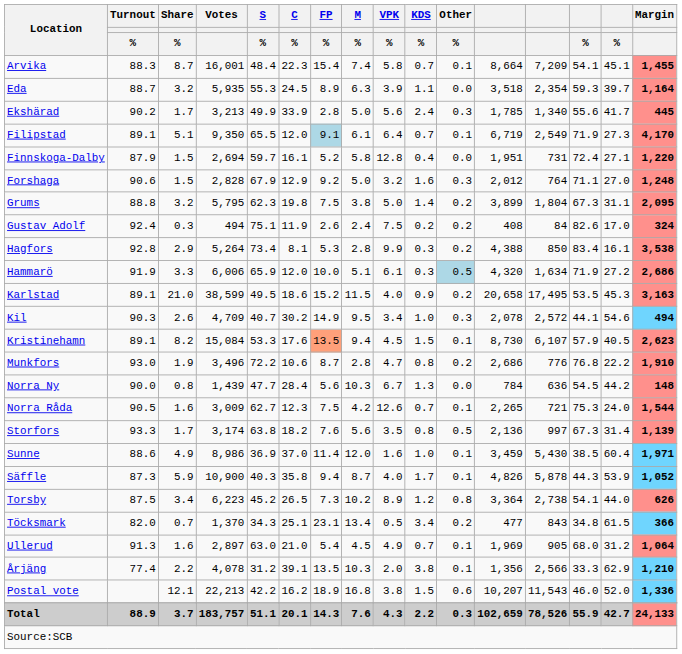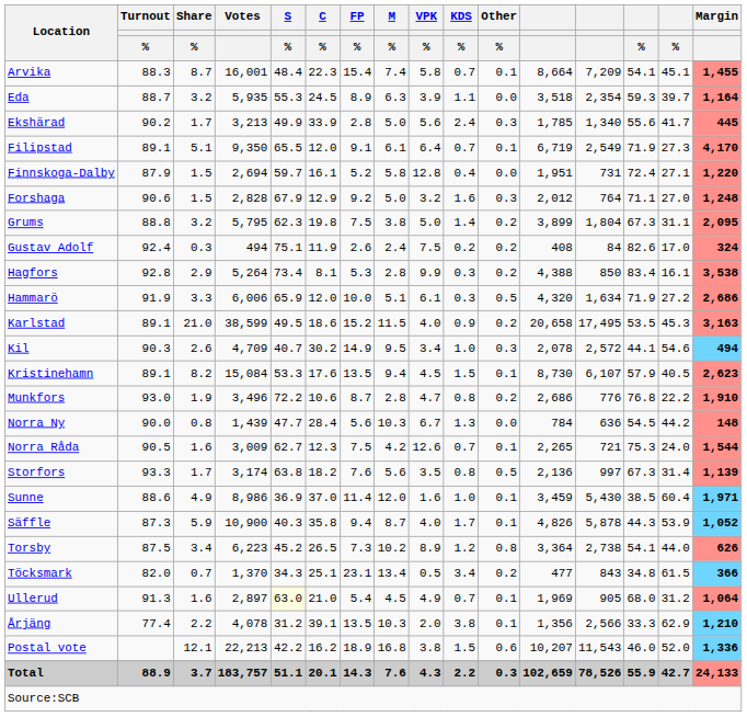 <table class="wikitable sortable" style="text-align:right; font-size:95%; line-height:20px;">
 <tr>
 <th rowspan="3">Location</th>
 <th>Turnout</th>
 <th>Share</th>
 <th>Votes</th>
 <th width="30px" class="unsortable"><a href='#'>S</a></th>
 <th width="30px" class="unsortable"><a href='#'>C</a></th>
 <th width="30px" class="unsortable"><a href='#'>FP</a></th>
 <th width="30px" class="unsortable"><a href='#'>M</a></th>
 <th width="30px" class="unsortable"><a href='#'>VPK</a></th>
 <th width="30px" class="unsortable"><a href='#'>KDS</a></th>
 <th width="30px" class="unsortable">Other</th>
 <th></th>
 <th></th>
 <th></th>
 <th></th>
 <th>Margin</th>
 </tr>
 <tr>
 <th></th>
 <th></th>
 <th></th>
 <th style="background:"></th>
 <th style="background:"></th>
 <th style="background:"></th>
 <th style="background:"></th>
 <th style="background:"></th>
 <th style="background:"></th>
 <th style="background:"></th>
 <th style="background:"></th>
 <th style="background:"></th>
 <th style="background:"></th>
 <th style="background:"></th>
 <th></th>
 </tr>
 <tr>
 <th data-sort-type="number">%</th>
 <th data-sort-type="number">%</th>
 <th></th>
 <th data-sort-type="number">%</th>
 <th data-sort-type="number">%</th>
 <th data-sort-type="number">%</th>
 <th data-sort-type="number">%</th>
 <th data-sort-type="number">%</th>
 <th data-sort-type="number">%</th>
 <th data-sort-type="number">%</th>
 <th data-sort-type="number"></th>
 <th data-sort-type="number"></th>
 <th data-sort-type="number">%</th>
 <th data-sort-type="number">%</th>
 <th data-sort-type="number"></th>
 </tr>
 <tr>
 <td align=left><a href='#'>Arvika</a></td>
 <td>88.3</td>
 <td>8.7</td>
 <td>16,001</td>
 <td>48.4</td>
 <td>22.3</td>
 <td>15.4</td>
 <td>7.4</td>
 <td>5.8</td>
 <td>0.7</td>
 <td>0.1</td>
 <td>8,664</td>
 <td>7,209</td>
 <td>54.1</td>
 <td>45.1</td>
 <td bgcolor=#ff908c><strong>1,455</strong></td>
 </tr>
 <tr>
 <td align=left><a href='#'>Eda</a></td>
 <td>88.7</td>
 <td>3.2</td>
 <td>5,935</td>
 <td>55.3</td>
 <td>24.5</td>
 <td>8.9</td>
 <td>6.3</td>
 <td>3.9</td>
 <td>1.1</td>
 <td>0.0</td>
 <td>3,518</td>
 <td>2,354</td>
 <td>59.3</td>
 <td>39.7</td>
 <td bgcolor=#ff908c><strong>1,164</strong></td>
 </tr>
 <tr>
 <td align=left><a href='#'>Ekshärad</a></td>
 <td>90.2</td>
 <td>1.7</td>
 <td>3,213</td>
 <td>49.9</td>
 <td>33.9</td>
 <td>2.8</td>
 <td>5.0</td>
 <td>5.6</td>
 <td>2.4</td>
 <td>0.3</td>
 <td>1,785</td>
 <td>1,340</td>
 <td>55.6</td>
 <td>41.7</td>
 <td bgcolor=#ff908c><strong>445</strong></td>
 </tr>
 <tr>
 <td align=left><a href='#'>Filipstad</a></td>
 <td>89.1</td>
 <td>5.1</td>
 <td>9,350</td>
 <td>65.5</td>
 <td>12.0</td>
-<td style="background: lightblue;">9.1</td>
+<td>9.1</td>
 <td>6.1</td>
 <td>6.4</td>
 <td>0.7</td>
 <td>0.1</td>
 <td>6,719</td>
 <td>2,549</td>
 <td>71.9</td>
 <td>27.3</td>
 <td bgcolor=#ff908c><strong>4,170</strong></td>
 </tr>
 <tr>
 <td align=left><a href='#'>Finnskoga-Dalby</a></td>
 <td>87.9</td>
 <td>1.5</td>
 <td>2,694</td>
 <td>59.7</td>
 <td>16.1</td>
 <td>5.2</td>
 <td>5.8</td>
 <td>12.8</td>
 <td>0.4</td>
 <td>0.0</td>
 <td>1,951</td>
 <td>731</td>
 <td>72.4</td>
 <td>27.1</td>
 <td bgcolor=#ff908c><strong>1,220</strong></td>
 </tr>
 <tr>
 <td align=left><a href='#'>Forshaga</a></td>
 <td>90.6</td>
 <td>1.5</td>
 <td>2,828</td>
 <td>67.9</td>
 <td>12.9</td>
 <td>9.2</td>
 <td>5.0</td>
 <td>3.2</td>
 <td>1.6</td>
 <td>0.3</td>
 <td>2,012</td>
 <td>764</td>
 <td>71.1</td>
 <td>27.0</td>
 <td bgcolor=#ff908c><strong>1,248</strong></td>
 </tr>
 <tr>
 <td align=left><a href='#'>Grums</a></td>
 <td>88.8</td>
 <td>3.2</td>
 <td>5,795</td>
 <td>62.3</td>
 <td>19.8</td>
 <td>7.5</td>
 <td>3.8</td>
 <td>5.0</td>
 <td>1.4</td>
 <td>0.2</td>
 <td>3,899</td>
 <td>1,804</td>
 <td>67.3</td>
 <td>31.1</td>
 <td bgcolor=#ff908c><strong>2,095</strong></td>
 </tr>
 <tr>
 <td align=left><a href='#'>Gustav Adolf</a></td>
 <td>92.4</td>
 <td>0.3</td>
 <td>494</td>
 <td>75.1</td>
 <td>11.9</td>
 <td>2.6</td>
 <td>2.4</td>
 <td>7.5</td>
 <td>0.2</td>
 <td>0.2</td>
 <td>408</td>
 <td>84</td>
 <td>82.6</td>
 <td>17.0</td>
 <td bgcolor=#ff908c><strong>324</strong></td>
 </tr>
 <tr>
 <td align=left><a href='#'>Hagfors</a></td>
 <td>92.8</td>
 <td>2.9</td>
 <td>5,264</td>
 <td>73.4</td>
 <td>8.1</td>
 <td>5.3</td>
 <td>2.8</td>
 <td>9.9</td>
 <td>0.3</td>
 <td>0.2</td>
 <td>4,388</td>
 <td>850</td>
 <td>83.4</td>
 <td>16.1</td>
 <td bgcolor=#ff908c><strong>3,538</strong></td>
 </tr>
 <tr>
 <td align=left><a href='#'>Hammarö</a></td>
 <td>91.9</td>
 <td>3.3</td>
 <td>6,006</td>
 <td>65.9</td>
 <td>12.0</td>
 <td>10.0</td>
 <td>5.1</td>
 <td>6.1</td>
 <td>0.3</td>
-<td style="background: lightblue;">0.5</td>
+<td>0.5</td>
 <td>4,320</td>
 <td>1,634</td>
 <td>71.9</td>
 <td>27.2</td>
 <td bgcolor=#ff908c><strong>2,686</strong></td>
 </tr>
 <tr>
 <td align=left><a href='#'>Karlstad</a></td>
 <td>89.1</td>
 <td>21.0</td>
 <td>38,599</td>
 <td>49.5</td>
 <td>18.6</td>
 <td>15.2</td>
 <td>11.5</td>
 <td>4.0</td>
 <td>0.9</td>
 <td>0.2</td>
 <td>20,658</td>
 <td>17,495</td>
 <td>53.5</td>
 <td>45.3</td>
 <td bgcolor=#ff908c><strong>3,163</strong></td>
 </tr>
 <tr>
 <td align=left><a href='#'>Kil</a></td>
 <td>90.3</td>
 <td>2.6</td>
 <td>4,709</td>
 <td>40.7</td>
 <td>30.2</td>
 <td>14.9</td>
 <td>9.5</td>
 <td>3.4</td>
 <td>1.0</td>
 <td>0.3</td>
 <td>2,078</td>
 <td>2,572</td>
 <td>44.1</td>
 <td>54.6</td>
 <td bgcolor=#6fd5fe><strong>494</strong></td>
 </tr>
 <tr>
 <td align=left><a href='#'>Kristinehamn</a></td>
 <td>89.1</td>
 <td>8.2</td>
 <td>15,084</td>
 <td>53.3</td>
 <td>17.6</td>
-<td style="background: lightsalmon;">13.5</td>
+<td>13.5</td>
 <td>9.4</td>
 <td>4.5</td>
 <td>1.5</td>
 <td>0.1</td>
 <td>8,730</td>
 <td>6,107</td>
 <td>57.9</td>
 <td>40.5</td>
 <td bgcolor=#ff908c><strong>2,623</strong></td>
 </tr>
 <tr>
 <td align=left><a href='#'>Munkfors</a></td>
 <td>93.0</td>
 <td>1.9</td>
 <td>3,496</td>
 <td>72.2</td>
 <td>10.6</td>
 <td>8.7</td>
 <td>2.8</td>
 <td>4.7</td>
 <td>0.8</td>
 <td>0.2</td>
 <td>2,686</td>
 <td>776</td>
 <td>76.8</td>
 <td>22.2</td>
 <td bgcolor=#ff908c><strong>1,910</strong></td>
 </tr>
 <tr>
 <td align=left><a href='#'>Norra Ny</a></td>
 <td>90.0</td>
 <td>0.8</td>
 <td>1,439</td>
 <td>47.7</td>
 <td>28.4</td>
 <td>5.6</td>
 <td>10.3</td>
 <td>6.7</td>
 <td>1.3</td>
 <td>0.0</td>
 <td>784</td>
 <td>636</td>
 <td>54.5</td>
 <td>44.2</td>
 <td bgcolor=#ff908c><strong>148</strong></td>
 </tr>
 <tr>
 <td align=left><a href='#'>Norra Råda</a></td>
 <td>90.5</td>
 <td>1.6</td>
 <td>3,009</td>
 <td>62.7</td>
 <td>12.3</td>
 <td>7.5</td>
 <td>4.2</td>
 <td>12.6</td>
 <td>0.7</td>
 <td>0.1</td>
 <td>2,265</td>
 <td>721</td>
 <td>75.3</td>
 <td>24.0</td>
 <td bgcolor=#ff908c><strong>1,544</strong></td>
 </tr>
 <tr>
 <td align=left><a href='#'>Storfors</a></td>
 <td>93.3</td>
 <td>1.7</td>
 <td>3,174</td>
 <td>63.8</td>
 <td>18.2</td>
 <td>7.6</td>
 <td>5.6</td>
 <td>3.5</td>
 <td>0.8</td>
 <td>0.5</td>
 <td>2,136</td>
 <td>997</td>
 <td>67.3</td>
 <td>31.4</td>
 <td bgcolor=#ff908c><strong>1,139</strong></td>
 </tr>
 <tr>
 <td align=left><a href='#'>Sunne</a></td>
 <td>88.6</td>
 <td>4.9</td>
 <td>8,986</td>
 <td>36.9</td>
 <td>37.0</td>
 <td>11.4</td>
 <td>12.0</td>
 <td>1.6</td>
 <td>1.0</td>
 <td>0.1</td>
 <td>3,459</td>
 <td>5,430</td>
 <td>38.5</td>
 <td>60.4</td>
 <td bgcolor=#6fd5fe><strong>1,971</strong></td>
 </tr>
 <tr>
 <td align=left><a href='#'>Säffle</a></td>
 <td>87.3</td>
 <td>5.9</td>
 <td>10,900</td>
 <td>40.3</td>
 <td>35.8</td>
 <td>9.4</td>
 <td>8.7</td>
 <td>4.0</td>
 <td>1.7</td>
 <td>0.1</td>
 <td>4,826</td>
 <td>5,878</td>
 <td>44.3</td>
 <td>53.9</td>
 <td bgcolor=#6fd5fe><strong>1,052</strong></td>
 </tr>
 <tr>
 <td align=left><a href='#'>Torsby</a></td>
 <td>87.5</td>
 <td>3.4</td>
 <td>6,223</td>
 <td>45.2</td>
 <td>26.5</td>
 <td>7.3</td>
 <td>10.2</td>
 <td>8.9</td>
 <td>1.2</td>
 <td>0.8</td>
 <td>3,364</td>
 <td>2,738</td>
 <td>54.1</td>
 <td>44.0</td>
 <td bgcolor=#ff908c><strong>626</strong></td>
 </tr>
 <tr>
 <td align=left><a href='#'>Töcksmark</a></td>
 <td>82.0</td>
 <td>0.7</td>
 <td>1,370</td>
 <td>34.3</td>
 <td>25.1</td>
 <td>23.1</td>
 <td>13.4</td>
 <td>0.5</td>
 <td>3.4</td>
 <td>0.2</td>
 <td>477</td>
 <td>843</td>
 <td>34.8</td>
 <td>61.5</td>
 <td bgcolor=#6fd5fe><strong>366</strong></td>
 </tr>
 <tr>
 <td align=left><a href='#'>Ullerud</a></td>
 <td>91.3</td>
 <td>1.6</td>
 <td>2,897</td>
-<td>63.0</td>
+<td style="background: lightyellow;">63.0</td>
 <td>21.0</td>
 <td>5.4</td>
 <td>4.5</td>
 <td>4.9</td>
 <td>0.7</td>
 <td>0.1</td>
 <td>1,969</td>
 <td>905</td>
 <td>68.0</td>
 <td>31.2</td>
 <td bgcolor=#ff908c><strong>1,064</strong></td>
 </tr>
 <tr>
 <td align=left><a href='#'>Årjäng</a></td>
 <td>77.4</td>
 <td>2.2</td>
 <td>4,078</td>
 <td>31.2</td>
 <td>39.1</td>
 <td>13.5</td>
 <td>10.3</td>
 <td>2.0</td>
 <td>3.8</td>
 <td>0.1</td>
 <td>1,356</td>
 <td>2,566</td>
 <td>33.3</td>
 <td>62.9</td>
 <td bgcolor=#6fd5fe><strong>1,210</strong></td>
 </tr>
 <tr>
 <td align=left><a href='#'>Postal vote</a></td>
 <td></td>
 <td>12.1</td>
 <td>22,213</td>
 <td>42.2</td>
 <td>16.2</td>
 <td>18.9</td>
 <td>16.8</td>
 <td>3.8</td>
 <td>1.5</td>
 <td>0.6</td>
 <td>10,207</td>
 <td>11,543</td>
 <td>46.0</td>
 <td>52.0</td>
 <td bgcolor=#6fd5fe><strong>1,336</strong></td>
 </tr>
 <tr>
 </tr>
 <tr style="background:#CDCDCD;">
 <td align=left><strong>Total</strong></td>
 <td><strong>88.9</strong></td>
 <td><strong>3.7</strong></td>
 <td><strong>183,757</strong></td>
 <td><strong>51.1</strong></td>
 <td><strong>20.1</strong></td>
 <td><strong>14.3</strong></td>
 <td><strong>7.6</strong></td>
 <td><strong>4.3</strong></td>
 <td><strong>2.2</strong></td>
 <td><strong>0.3</strong></td>
 <td><strong>102,659</strong></td>
 <td><strong>78,526</strong></td>
 <td><strong>55.9</strong></td>
 <td><strong>42.7</strong></td>
 <td bgcolor=#ff908c><strong>24,133</strong></td>
 </tr>
 <tr>
 <td align=left colspan=16>Source:SCB </td>
 </tr>
 </table>
